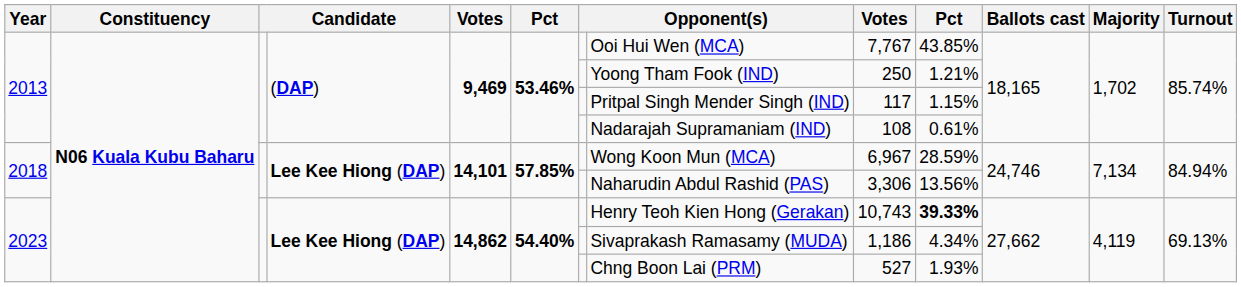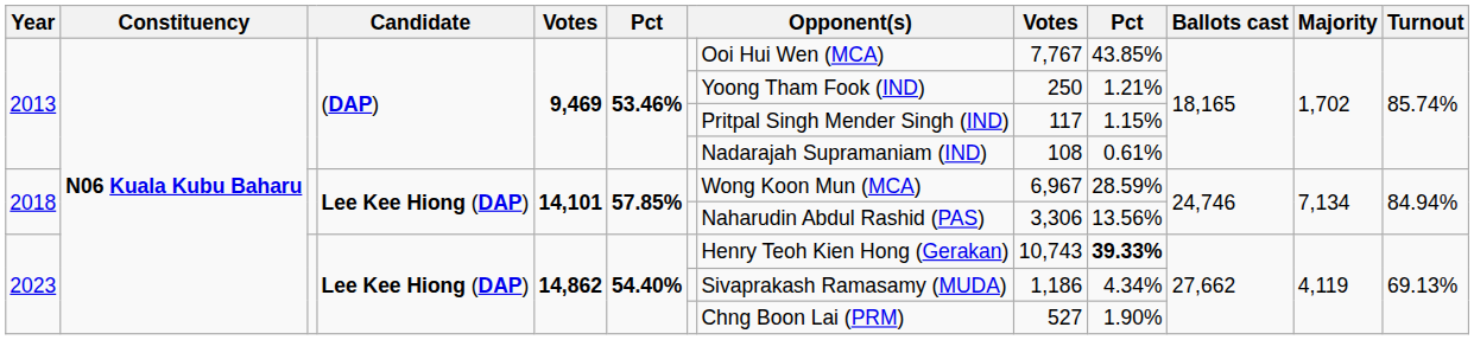 <table class="wikitable" style="margin:0.5em ; font-size:95%">
 <tr>
 <th>Year</th>
 <th>Constituency</th>
 <th colspan=2>Candidate</th>
 <th>Votes</th>
 <th>Pct</th>
 <th colspan=2>Opponent(s)</th>
 <th>Votes</th>
 <th>Pct</th>
 <th>Ballots cast</th>
 <th>Majority</th>
 <th>Turnout</th>
 </tr>
 <tr>
 <td rowspan=4><a href='#'>2013</a></td>
 <td rowspan=9><strong>N06 <a href='#'>Kuala Kubu Baharu</a></strong></td>
 <td rowspan=4 ></td>
 <td rowspan=4> (<a href='#'><strong>DAP</strong></a>)</td>
 <td rowspan=4 align=right><strong>9,469</strong></td>
 <td rowspan=4><strong>53.46%</strong></td>
 <td></td>
 <td>Ooi Hui Wen (<a href='#'>MCA</a>)</td>
 <td align=right>7,767</td>
 <td>43.85%</td>
 <td rowspan=4>18,165</td>
 <td rowspan=4>1,702</td>
 <td rowspan=4>85.74%</td>
 </tr>
 <tr>
 <td></td>
 <td>Yoong Tham Fook (<a href='#'>IND</a>)</td>
 <td align=right>250</td>
 <td align=right>1.21%</td>
 </tr>
 <tr>
 <td></td>
 <td>Pritpal Singh Mender Singh	 (<a href='#'>IND</a>)</td>
 <td align=right>117</td>
 <td align=right>1.15%</td>
 </tr>
 <tr>
 <td></td>
 <td>Nadarajah Supramaniam (<a href='#'>IND</a>)</td>
 <td align=right>108</td>
 <td align=right>0.61%</td>
 </tr>
 <tr>
 <td rowspan=2><a href='#'>2018</a></td>
 <td rowspan=2 ></td>
 <td rowspan=2><strong>Lee Kee Hiong</strong> (<a href='#'><strong>DAP</strong></a>)</td>
 <td rowspan=2 align=right><strong>14,101</strong></td>
 <td rowspan=2><strong>57.85%</strong></td>
 <td></td>
 <td>Wong Koon Mun (<a href='#'>MCA</a>)</td>
 <td align=right>6,967</td>
 <td>28.59%</td>
 <td rowspan=2>24,746</td>
 <td rowspan=2>7,134</td>
 <td rowspan=2>84.94%</td>
 </tr>
 <tr>
 <td></td>
 <td>Naharudin Abdul Rashid (<a href='#'>PAS</a>)</td>
 <td align=right>3,306</td>
 <td>13.56%</td>
 </tr>
 <tr>
 <td rowspan="3"><a href='#'>2023</a></td>
 <td rowspan=3 ></td>
 <td rowspan="3"><strong>Lee Kee Hiong</strong> (<a href='#'><strong>DAP</strong></a>)</td>
 <td rowspan="3" align="right"><strong>14,862</strong></td>
 <td rowspan="3"><strong>54.40%</strong></td>
 <td bgcolor=></td>
 <td>Henry Teoh Kien Hong (<a href='#'>Gerakan</a>)</td>
 <td align=right>10,743</td>
 <td><strong>39.33%</strong></td>
 <td rowspan="3">27,662</td>
 <td rowspan="3">4,119</td>
 <td rowspan="3">69.13%</td>
 </tr>
 <tr>
 <td bgcolor=></td>
 <td>Sivaprakash Ramasamy (<a href='#'>MUDA</a>)</td>
 <td align=right>1,186</td>
 <td align=right>4.34%</td>
 </tr>
 <tr>
 <td bgcolor=></td>
 <td>Chng Boon Lai (<a href='#'>PRM</a>)</td>
 <td align=right>527</td>
-<td align=right>1.93%</td>
+<td align=right>1.90%</td>
 </tr>
 </table>
